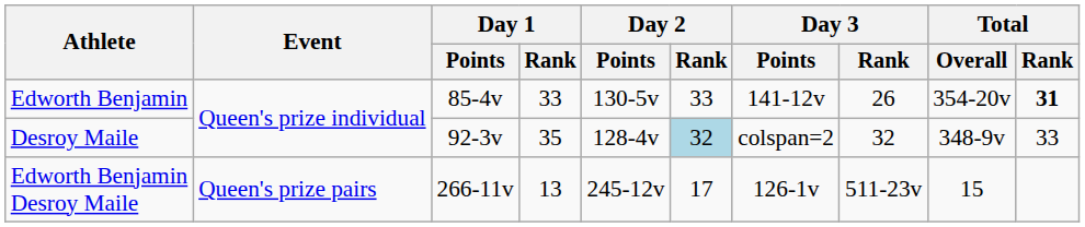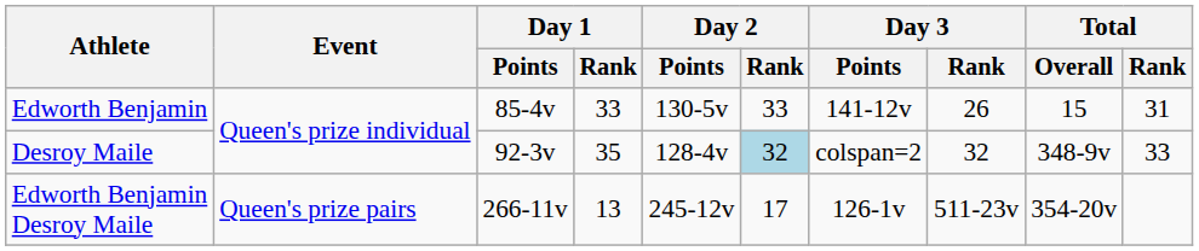 <table class="wikitable" style="font-size:90%">
 <tr>
 <th rowspan=2>Athlete</th>
 <th rowspan=2>Event</th>
 <th colspan=2>Day 1</th>
 <th colspan=2>Day 2</th>
 <th colspan=2>Day 3</th>
 <th colspan=2>Total</th>
 </tr>
 <tr style="font-size:95%">
 <th>Points</th>
 <th>Rank</th>
 <th>Points</th>
 <th>Rank</th>
 <th>Points</th>
 <th>Rank</th>
 <th>Overall</th>
 <th>Rank</th>
 </tr>
 <tr align=center>
 <td align=left><a href='#'>Edworth Benjamin</a></td>
 <td align=left rowspan=2><a href='#'>Queen's prize individual</a></td>
 <td>85-4v</td>
 <td>33</td>
 <td>130-5v</td>
 <td>33</td>
 <td>141-12v</td>
 <td>26</td>
-<td>354-20v</td>
-<td><strong>31</strong></td>
+<td>15</td>
+<td>31</td>
 </tr>
 <tr align=center>
 <td align=left><a href='#'>Desroy Maile</a></td>
 <td>92-3v</td>
 <td>35</td>
 <td>128-4v</td>
 <td style="background: lightblue;">32</td>
 <td>colspan=2 </td>
 <td>32</td>
 <td>348-9v</td>
 <td>33</td>
 </tr>
 <tr align=center>
 <td align=left><a href='#'>Edworth Benjamin</a><br><a href='#'>Desroy Maile</a></td>
 <td align=left><a href='#'>Queen's prize pairs</a></td>
 <td>266-11v</td>
 <td>13</td>
 <td>245-12v</td>
 <td>17</td>
 <td>126-1v</td>
 <td>511-23v</td>
-<td>15</td>
+<td>354-20v</td>
 </tr>
 </table>
